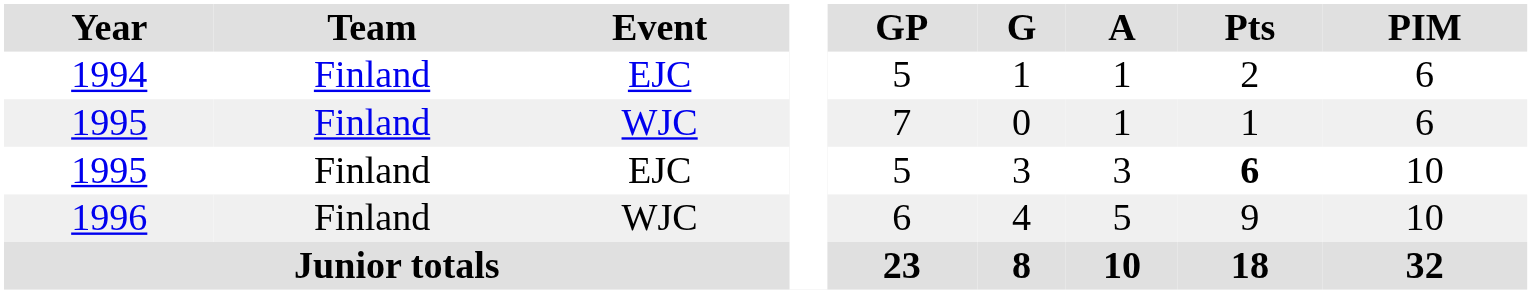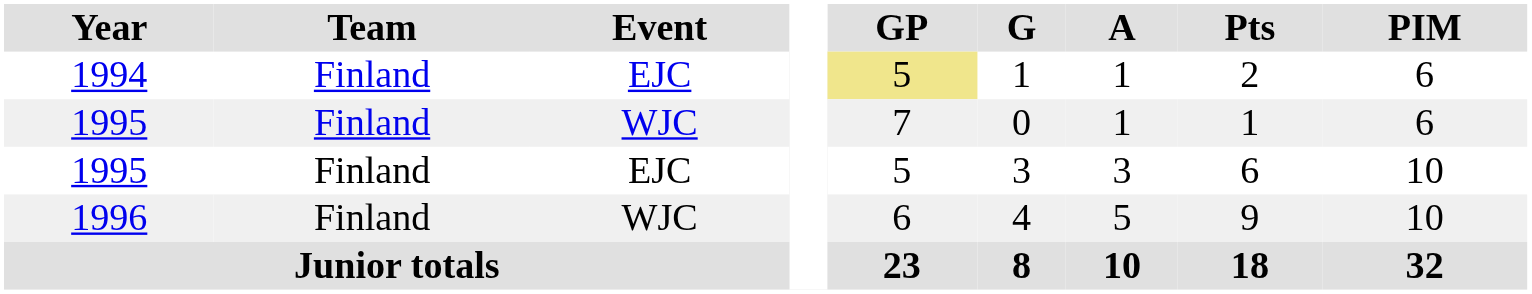 <table border="0" cellpadding="1" cellspacing="0" style="text-align:center; width:40em">
 <tr ALIGN="center" bgcolor="#e0e0e0">
 <th>Year</th>
 <th>Team</th>
 <th>Event</th>
 <th rowspan="99" bgcolor="#ffffff"> </th>
 <th>GP</th>
 <th>G</th>
 <th>A</th>
 <th>Pts</th>
 <th>PIM</th>
 </tr>
 <tr>
 <td><a href='#'>1994</a></td>
 <td><a href='#'>Finland</a></td>
 <td><a href='#'>EJC</a></td>
-<td>5</td>
+<td style="background: khaki;">5</td>
 <td>1</td>
 <td>1</td>
 <td>2</td>
 <td>6</td>
 </tr>
 <tr bgcolor="#f0f0f0">
 <td><a href='#'>1995</a></td>
 <td><a href='#'>Finland</a></td>
 <td><a href='#'>WJC</a></td>
 <td>7</td>
 <td>0</td>
 <td>1</td>
 <td>1</td>
 <td>6</td>
 </tr>
 <tr>
 <td><a href='#'>1995</a></td>
 <td>Finland</td>
 <td>EJC</td>
 <td>5</td>
 <td>3</td>
 <td>3</td>
-<td><strong>6</strong></td>
+<td>6</td>
 <td>10</td>
 </tr>
 <tr bgcolor="#f0f0f0">
 <td><a href='#'>1996</a></td>
 <td>Finland</td>
 <td>WJC</td>
 <td>6</td>
 <td>4</td>
 <td>5</td>
 <td>9</td>
 <td>10</td>
 </tr>
 <tr bgcolor="#e0e0e0">
 <th colspan=3>Junior totals</th>
 <th>23</th>
 <th>8</th>
 <th>10</th>
 <th>18</th>
 <th>32</th>
 </tr>
 </table>
